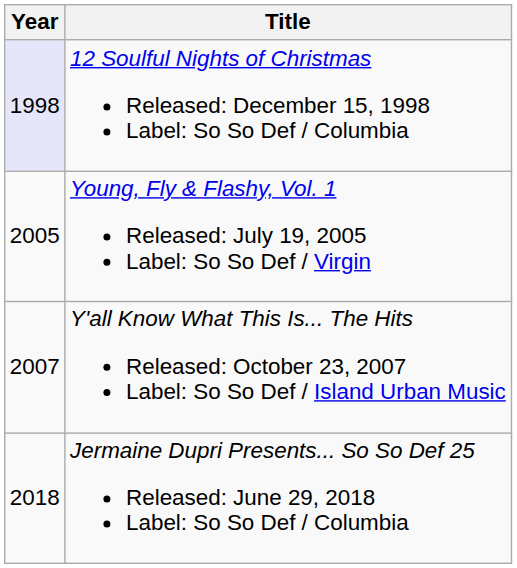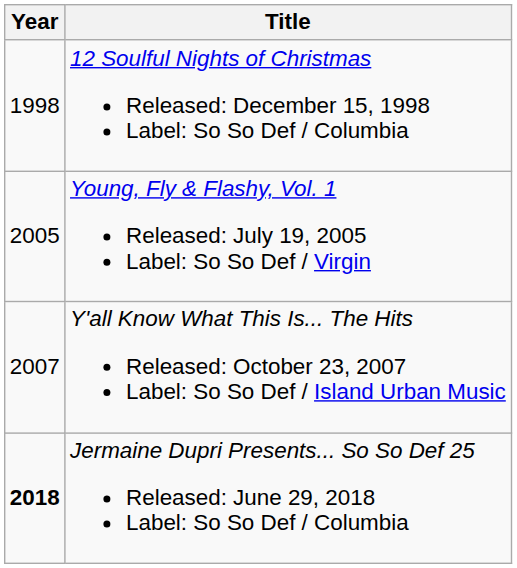 <table class="wikitable">
 <tr>
 <th>Year</th>
 <th>Title</th>
 </tr>
 <tr>
-<td style="background: lavender;">1998</td>
+<td>1998</td>
 <td><em><a href='#'>12 Soulful Nights of Christmas</a></em><br><ul><li>Released: December 15, 1998</li><li>Label: So So Def / Columbia</li></ul></td>
 </tr>
 <tr>
 <td>2005</td>
 <td><em><a href='#'>Young, Fly & Flashy, Vol. 1</a></em><br><ul><li>Released: July 19, 2005</li><li>Label: So So Def / <a href='#'>Virgin</a></li></ul></td>
 </tr>
 <tr>
 <td>2007</td>
 <td><em>Y'all Know What This Is... The Hits</em><br><ul><li>Released: October 23, 2007</li><li>Label: So So Def / <a href='#'>Island Urban Music</a></li></ul></td>
 </tr>
 <tr>
-<td>2018</td>
+<td><strong>2018</strong></td>
 <td><em>Jermaine Dupri Presents... So So Def 25</em><br><ul><li>Released: June 29, 2018</li><li>Label: So So Def / Columbia</li></ul></td>
 </tr>
 </table>
